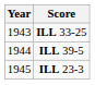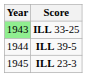 <table class="wikitable sortable" style="text-align: center;">
 <tr>
 <th>Year</th>
 <th>Score</th>
 </tr>
 <tr>
-<td>1943</td>
+<td style="background: lightgreen;">1943</td>
 <td><strong>ILL</strong> 33-25</td>
 </tr>
 <tr>
 <td>1944</td>
 <td><strong>ILL</strong> 39-5</td>
 </tr>
 <tr>
 <td>1945</td>
 <td><strong>ILL</strong> 23-3</td>
 </tr>
 </table>
